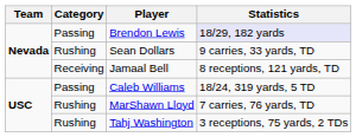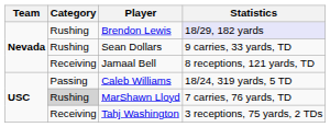 <table class="wikitable" style="float: right;">
 <tr>
 <th>Team</th>
 <th>Category</th>
 <th>Player</th>
 <th>Statistics</th>
 </tr>
 <tr>
 <td rowspan=3><strong>Nevada</strong></td>
-<td>Passing</td>
+<td>Rushing</td>
 <td><a href='#'>Brendon Lewis</a></td>
 <td style="background: lavender;">18/29, 182 yards</td>
 </tr>
 <tr>
 <td>Rushing</td>
 <td>Sean Dollars</td>
 <td>9 carries, 33 yards, TD</td>
 </tr>
 <tr>
 <td>Receiving</td>
 <td>Jamaal Bell</td>
 <td>8 receptions, 121 yards, TD</td>
 </tr>
 <tr>
 <td rowspan=3><strong>USC</strong></td>
 <td>Passing</td>
 <td><a href='#'>Caleb Williams</a></td>
 <td>18/24, 319 yards, 5 TD</td>
 </tr>
 <tr>
-<td>Rushing</td>
+<td style="background: lightgrey;">Rushing</td>
 <td><a href='#'>MarShawn Lloyd</a></td>
 <td>7 carries, 76 yards, TD</td>
 </tr>
 <tr>
-<td>Rushing</td>
+<td>Receiving</td>
 <td><a href='#'>Tahj Washington</a></td>
 <td>3 receptions, 75 yards, 2 TDs</td>
 </tr>
 </table>
